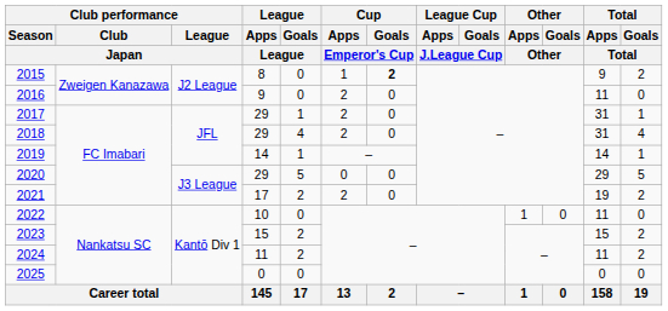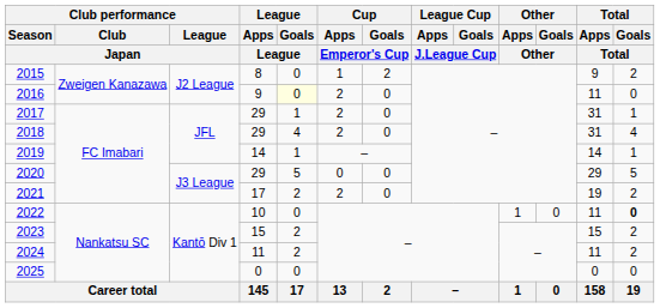 <table class="wikitable" style="text-align:center;">
 <tr>
 <th colspan=3>Club performance</th>
 <th colspan=2>League</th>
 <th colspan=2>Cup</th>
 <th colspan=2>League Cup</th>
 <th colspan=2>Other</th>
 <th colspan=2>Total</th>
 </tr>
 <tr>
 <th>Season</th>
 <th>Club</th>
 <th>League</th>
 <th>Apps</th>
 <th>Goals</th>
 <th>Apps</th>
 <th>Goals</th>
 <th>Apps</th>
 <th>Goals</th>
 <th>Apps</th>
 <th>Goals</th>
 <th>Apps</th>
 <th>Goals</th>
 </tr>
 <tr>
 <th colspan=3>Japan</th>
 <th colspan=2>League</th>
 <th colspan=2><a href='#'>Emperor's Cup</a></th>
 <th colspan=2><a href='#'>J.League Cup</a></th>
 <th colspan=2>Other</th>
 <th colspan=2>Total</th>
 </tr>
 <tr>
 <td><a href='#'>2015</a></td>
 <td rowspan="2"><a href='#'>Zweigen Kanazawa</a></td>
 <td rowspan="2"><a href='#'>J2 League</a></td>
 <td>8</td>
 <td>0</td>
 <td>1</td>
-<td><strong>2</strong></td>
+<td>2</td>
 <td rowspan="7" colspan="4">–</td>
 <td>9</td>
 <td>2</td>
 </tr>
 <tr>
 <td><a href='#'>2016</a></td>
 <td>9</td>
-<td>0</td>
+<td style="background: lightyellow;">0</td>
 <td>2</td>
 <td>0</td>
 <td>11</td>
 <td>0</td>
 </tr>
 <tr>
 <td><a href='#'>2017</a></td>
 <td rowspan="5"><a href='#'>FC Imabari</a></td>
 <td rowspan="3"><a href='#'>JFL</a></td>
 <td>29</td>
 <td>1</td>
 <td>2</td>
 <td>0</td>
 <td>31</td>
 <td>1</td>
 </tr>
 <tr>
 <td><a href='#'>2018</a></td>
 <td>29</td>
 <td>4</td>
 <td>2</td>
 <td>0</td>
 <td>31</td>
 <td>4</td>
 </tr>
 <tr>
 <td><a href='#'>2019</a></td>
 <td>14</td>
 <td>1</td>
 <td colspan="2">–</td>
 <td>14</td>
 <td>1</td>
 </tr>
 <tr>
 <td><a href='#'>2020</a></td>
 <td rowspan="2"><a href='#'>J3 League</a></td>
 <td>29</td>
 <td>5</td>
 <td>0</td>
 <td>0</td>
 <td>29</td>
 <td>5</td>
 </tr>
 <tr>
 <td><a href='#'>2021</a></td>
 <td>17</td>
 <td>2</td>
 <td>2</td>
 <td>0</td>
 <td>19</td>
 <td>2</td>
 </tr>
 <tr>
 <td><a href='#'>2022</a></td>
 <td rowspan="4"><a href='#'>Nankatsu SC</a></td>
 <td rowspan="4"><a href='#'>Kantō</a> Div 1</td>
 <td>10</td>
 <td>0</td>
 <td rowspan="4" colspan="4">–</td>
 <td>1</td>
 <td>0</td>
 <td>11</td>
-<td>0</td>
+<td><strong>0</strong></td>
 </tr>
 <tr>
 <td><a href='#'>2023</a></td>
 <td>15</td>
 <td>2</td>
 <td rowspan="3" colspan="2">–</td>
 <td>15</td>
 <td>2</td>
 </tr>
 <tr>
 <td><a href='#'>2024</a></td>
 <td>11</td>
 <td>2</td>
 <td>11</td>
 <td>2</td>
 </tr>
 <tr>
 <td><a href='#'>2025</a></td>
 <td>0</td>
 <td>0</td>
 <td>0</td>
 <td>0</td>
 </tr>
 <tr>
 <th colspan=3>Career total</th>
 <th>145</th>
 <th>17</th>
 <th>13</th>
 <th>2</th>
 <th colspan="2">–</th>
 <th>1</th>
 <th>0</th>
 <th>158</th>
 <th>19</th>
 </tr>
 </table>
